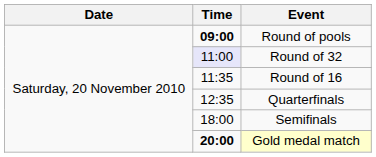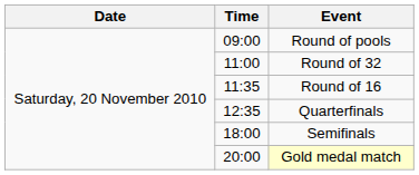 <table class = "wikitable" style="text-align:center;">
 <tr>
 <th width=220>Date</th>
 <th width=50>Time</th>
 <th width=150>Event</th>
 </tr>
 <tr>
 <td rowspan=6>Saturday, 20 November 2010</td>
-<td><strong>09:00</strong></td>
+<td>09:00</td>
 <td>Round of pools</td>
 </tr>
 <tr>
-<td style="background: lavender;">11:00</td>
+<td>11:00</td>
 <td>Round of 32</td>
 </tr>
 <tr>
 <td>11:35</td>
 <td>Round of 16</td>
 </tr>
 <tr>
 <td>12:35</td>
 <td>Quarterfinals</td>
 </tr>
 <tr>
 <td>18:00</td>
 <td>Semifinals</td>
 </tr>
 <tr>
-<td><strong>20:00</strong></td>
+<td>20:00</td>
 <td bgcolor=ffffcc>Gold medal match</td>
 </tr>
 </table>
